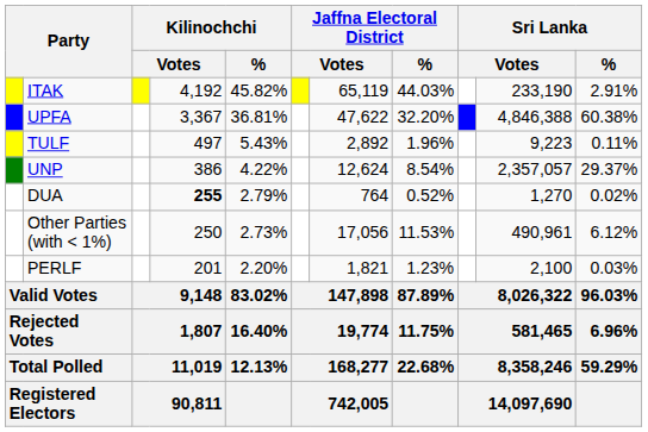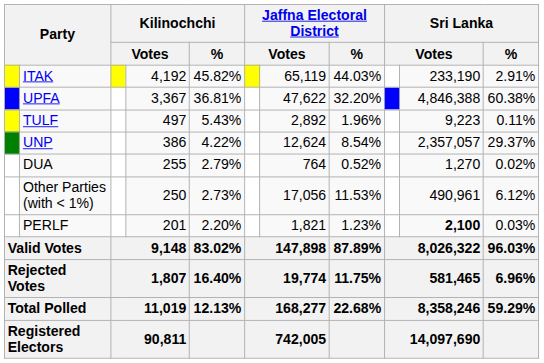 <table class="wikitable">
 <tr>
 <th colspan="2" width="144px"rowspan="2">Party</th>
 <th colspan="3" width="216px">Kilinochchi</th>
 <th colspan="3" width="216px"><a href='#'>Jaffna Electoral District</a></th>
 <th colspan="3" width="216px">Sri Lanka</th>
 </tr>
 <tr>
 <th colspan="2" width="144px">Votes</th>
 <th>%</th>
 <th colspan="2" width="144px">Votes</th>
 <th>%</th>
 <th colspan="2" width="144px">Votes</th>
 <th>%</th>
 </tr>
 <tr>
 <td style="background-color:yellow;" width="10px"></td>
 <td style="text-align:left;"><a href='#'>ITAK</a></td>
 <td style="background-color:yellow;" width="10px"></td>
 <td style="text-align:right;">4,192</td>
 <td style="text-align:right;">45.82%</td>
 <td style="background-color:yellow;" width="10px"></td>
 <td style="text-align:right;">65,119</td>
 <td style="text-align:right;">44.03%</td>
 <td style="background-color:white;" width="10px"></td>
 <td style="text-align:right;">233,190</td>
 <td style="text-align:right;">2.91%</td>
 </tr>
 <tr>
 <td style="background-color:blue;" width="10px"></td>
 <td style="text-align:left;"><a href='#'>UPFA</a></td>
 <td style="background-color:white;" width="10px"></td>
 <td style="text-align:right;">3,367</td>
 <td style="text-align:right;">36.81%</td>
 <td style="background-color:white;" width="10px"></td>
 <td style="text-align:right;">47,622</td>
 <td style="text-align:right;">32.20%</td>
 <td style="background-color:blue;" width="10px"></td>
 <td style="text-align:right;">4,846,388</td>
 <td style="text-align:right;">60.38%</td>
 </tr>
 <tr>
 <td style="background-color:yellow;" width="10px"></td>
 <td style="text-align:left;"><a href='#'>TULF</a></td>
 <td style="background-color:white;" width="10px"></td>
 <td style="text-align:right;">497</td>
 <td style="text-align:right;">5.43%</td>
 <td style="background-color:white;" width="10px"></td>
 <td style="text-align:right;">2,892</td>
 <td style="text-align:right;">1.96%</td>
 <td style="background-color:white;" width="10px"></td>
 <td style="text-align:right;">9,223</td>
 <td style="text-align:right;">0.11%</td>
 </tr>
 <tr>
 <td style="background-color:green;" width="10px"></td>
 <td style="text-align:left;"><a href='#'>UNP</a></td>
 <td style="background-color:white;" width="10px"></td>
 <td style="text-align:right;">386</td>
 <td style="text-align:right;">4.22%</td>
 <td style="background-color:white;" width="10px"></td>
 <td style="text-align:right;">12,624</td>
 <td style="text-align:right;">8.54%</td>
 <td style="background-color:white;" width="10px"></td>
 <td style="text-align:right;">2,357,057</td>
 <td style="text-align:right;">29.37%</td>
 </tr>
 <tr>
 <td style="background-color:white;" width="10px"></td>
 <td style="text-align:left;">DUA</td>
 <td style="background-color:white;" width="10px"></td>
-<td style="text-align:right;"><strong>255</strong></td>
+<td style="text-align:right;">255</td>
 <td style="text-align:right;">2.79%</td>
 <td style="background-color:white;" width="10px"></td>
 <td style="text-align:right;">764</td>
 <td style="text-align:right;">0.52%</td>
 <td style="background-color:white;" width="10px"></td>
 <td style="text-align:right;">1,270</td>
 <td style="text-align:right;">0.02%</td>
 </tr>
 <tr>
 <td style="background-color:white;" width="10px"></td>
 <td style="text-align:left;">Other Parties (with < 1%)</td>
 <td style="background-color:white;" width="10px"></td>
 <td style="text-align:right;">250</td>
 <td style="text-align:right;">2.73%</td>
 <td style="background-color:white;" width="10px"></td>
 <td style="text-align:right;">17,056</td>
 <td style="text-align:right;">11.53%</td>
 <td style="background-color:white;" width="10px"></td>
 <td style="text-align:right;">490,961</td>
 <td style="text-align:right;">6.12%</td>
 </tr>
 <tr>
 <td style="background-color:white;" width="10px"></td>
 <td style="text-align:left;">PERLF</td>
 <td style="background-color:white;" width="10px"></td>
 <td style="text-align:right;">201</td>
 <td style="text-align:right;">2.20%</td>
 <td style="background-color:white;" width="10px"></td>
 <td style="text-align:right;">1,821</td>
 <td style="text-align:right;">1.23%</td>
 <td style="background-color:white;" width="10px"></td>
-<td style="text-align:right;">2,100</td>
+<td style="text-align:right;"><strong>2,100</strong></td>
 <td style="text-align:right;">0.03%</td>
 </tr>
 <tr>
 <th colspan="2" width="144px"style="text-align:left;">Valid Votes</th>
 <th style="text-align:right;"colspan="2" width="144px">9,148</th>
 <th style="text-align:right;">83.02%</th>
 <th style="text-align:right;"colspan="2" width="144px">147,898</th>
 <th style="text-align:right;">87.89%</th>
 <th style="text-align:right;"colspan="2" width="144px">8,026,322</th>
 <th style="text-align:right;">96.03%</th>
 </tr>
 <tr>
 <th colspan="2" width="144px"style="text-align:left;">Rejected Votes</th>
 <th style="text-align:right;"colspan="2" width="144px">1,807</th>
 <th style="text-align:right;">16.40%</th>
 <th style="text-align:right;"colspan="2" width="144px">19,774</th>
 <th style="text-align:right;">11.75%</th>
 <th style="text-align:right;"colspan="2" width="144px">581,465</th>
 <th style="text-align:right;">6.96%</th>
 </tr>
 <tr>
 <th colspan="2" width="144px"style="text-align:left;">Total Polled</th>
 <th style="text-align:right;"colspan="2" width="144px">11,019</th>
 <th style="text-align:right;">12.13%</th>
 <th style="text-align:right;"colspan="2" width="144px">168,277</th>
 <th style="text-align:right;">22.68%</th>
 <th style="text-align:right;"colspan="2" width="144px">8,358,246</th>
 <th style="text-align:right;">59.29%</th>
 </tr>
 <tr>
 <th colspan="2" width="144px"style="text-align:left;">Registered Electors</th>
 <th style="text-align:right;"colspan="2" width="144px">90,811</th>
 <th></th>
 <th style="text-align:right;"colspan="2" width="144px">742,005</th>
 <th></th>
 <th style="text-align:right;"colspan="2" width="144px">14,097,690</th>
 <th></th>
 </tr>
 </table>
